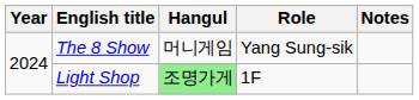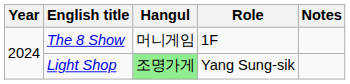 <table class="wikitable sortable">
 <tr>
 <th>Year</th>
 <th>English title</th>
 <th>Hangul</th>
 <th>Role</th>
 <th class="unsortable">Notes</th>
 </tr>
 <tr>
 <td rowspan="2">2024</td>
 <td><em><a href='#'>The 8 Show</a></em></td>
 <td>머니게임</td>
-<td>Yang Sung-sik</td>
+<td>1F</td>
 <td></td>
 </tr>
 <tr>
 <td><em><a href='#'>Light Shop</a></em></td>
 <td style="background: lightgreen;">조명가게</td>
-<td>1F</td>
+<td>Yang Sung-sik</td>
 <td></td>
 </tr>
 </table>
